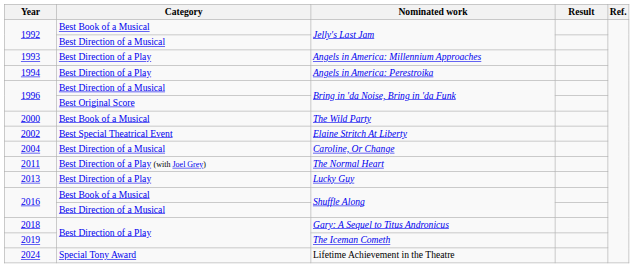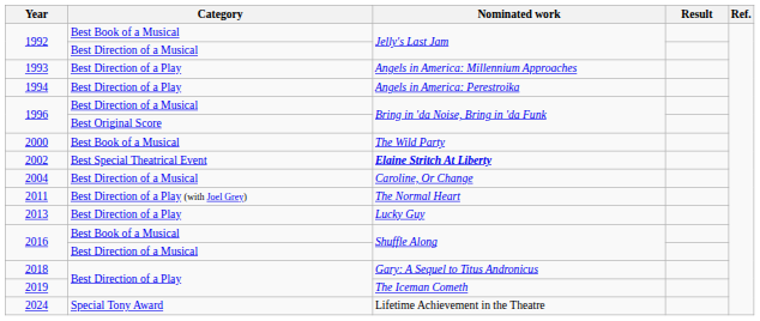 <table class=wikitable>
 <tr>
 <th scope="col" style="width:5em;">Year</th>
 <th scope="col" style="width:26em;">Category</th>
 <th scope="col" style="width:25em;">Nominated work</th>
 <th scope="col" style="width:5em;">Result</th>
 <th>Ref.</th>
 </tr>
 <tr>
 <td style="text-align:center;", rowspan="2"><a href='#'>1992</a></td>
 <td><a href='#'>Best Book of a Musical</a></td>
 <td rowspan="2"><em><a href='#'>Jelly's Last Jam</a></em></td>
 <td></td>
 </tr>
 <tr>
 <td><a href='#'>Best Direction of a Musical</a></td>
 <td></td>
 </tr>
 <tr>
 <td style="text-align:center;"><a href='#'>1993</a></td>
 <td><a href='#'>Best Direction of a Play</a></td>
 <td><em><a href='#'>Angels in America: Millennium Approaches</a></em></td>
 <td></td>
 </tr>
 <tr>
 <td style="text-align:center;"><a href='#'>1994</a></td>
 <td><a href='#'>Best Direction of a Play</a></td>
 <td><em><a href='#'>Angels in America: Perestroika</a></em></td>
 <td></td>
 </tr>
 <tr>
 <td style="text-align:center;", rowspan="2"><a href='#'>1996</a></td>
 <td><a href='#'>Best Direction of a Musical</a></td>
 <td rowspan="2"><em><a href='#'>Bring in 'da Noise, Bring in 'da Funk</a></em></td>
 <td></td>
 </tr>
 <tr>
 <td><a href='#'>Best Original Score</a></td>
 <td></td>
 </tr>
 <tr>
 <td style="text-align:center;"><a href='#'>2000</a></td>
 <td><a href='#'>Best Book of a Musical</a></td>
 <td><em><a href='#'>The Wild Party</a></em></td>
 <td></td>
 </tr>
 <tr>
 <td style="text-align:center;"><a href='#'>2002</a></td>
 <td><a href='#'>Best Special Theatrical Event</a></td>
-<td><em><a href='#'>Elaine Stritch At Liberty</a></em></td>
+<td><strong><em><a href='#'>Elaine Stritch At Liberty</a></em></strong></td>
 <td></td>
 </tr>
 <tr>
 <td style="text-align:center;"><a href='#'>2004</a></td>
 <td><a href='#'>Best Direction of a Musical</a></td>
 <td><em><a href='#'>Caroline, Or Change</a></em></td>
 <td></td>
 </tr>
 <tr>
 <td style="text-align:center;"><a href='#'>2011</a></td>
 <td><a href='#'>Best Direction of a Play</a> <small>(with <a href='#'>Joel Grey</a>)</small></td>
 <td><em><a href='#'>The Normal Heart</a></em></td>
 <td></td>
 </tr>
 <tr>
 <td style="text-align:center;"><a href='#'>2013</a></td>
 <td><a href='#'>Best Direction of a Play</a></td>
 <td><em><a href='#'>Lucky Guy</a></em></td>
 <td></td>
 </tr>
 <tr>
 <td style="text-align:center;", rowspan="2"><a href='#'>2016</a></td>
 <td><a href='#'>Best Book of a Musical</a></td>
 <td rowspan="2"><em><a href='#'>Shuffle Along</a></em></td>
 <td></td>
 </tr>
 <tr>
 <td><a href='#'>Best Direction of a Musical</a></td>
 <td></td>
 </tr>
 <tr>
 <td style="text-align:center;"><a href='#'>2018</a></td>
 <td rowspan="2"><a href='#'>Best Direction of a Play</a></td>
 <td><em><a href='#'>Gary: A Sequel to Titus Andronicus</a></em></td>
 <td></td>
 </tr>
 <tr>
 <td style="text-align:center;"><a href='#'>2019</a></td>
 <td><em><a href='#'>The Iceman Cometh</a></em></td>
 <td></td>
 </tr>
 <tr>
 <td style="text-align:center;"><a href='#'>2024</a></td>
 <td><a href='#'>Special Tony Award</a></td>
 <td>Lifetime Achievement in the Theatre</td>
 <td></td>
 </tr>
 </table>
